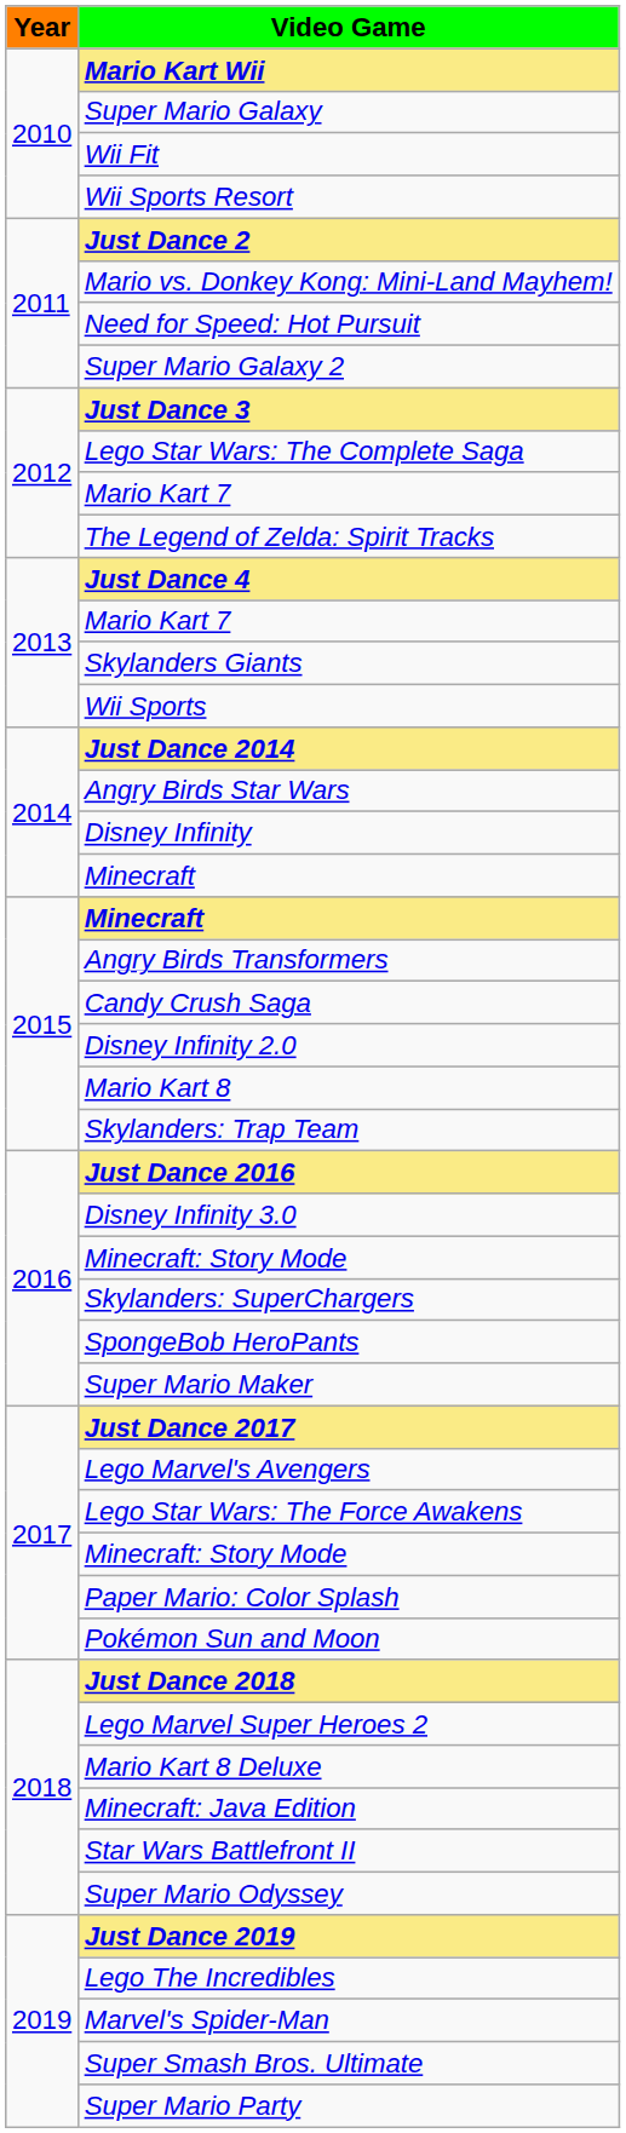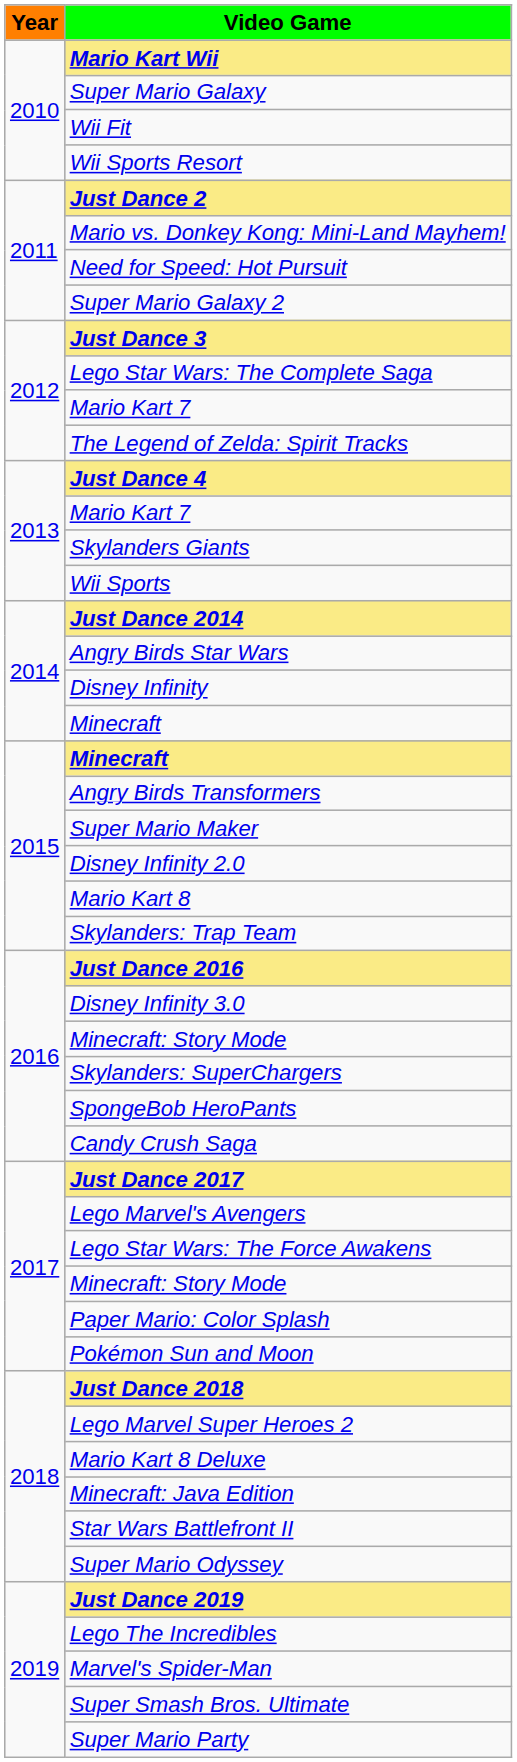 <table class="wikitable" style="font-size:90%;">
 <tr>
 <th style="background:#FF7F00;">Year</th>
 <th style="background:#00FF00;">Video Game</th>
 </tr>
 <tr>
 <td rowspan="4"><a href='#'>2010</a></td>
 <td style="background:#FAEB86;"><strong><em><a href='#'>Mario Kart Wii</a></em></strong> </td>
 </tr>
 <tr>
 <td><em><a href='#'>Super Mario Galaxy</a></em></td>
 </tr>
 <tr>
 <td><em><a href='#'>Wii Fit</a></em></td>
 </tr>
 <tr>
 <td><em><a href='#'>Wii Sports Resort</a></em></td>
 </tr>
 <tr>
 <td rowspan="4"><a href='#'>2011</a></td>
 <td style="background:#FAEB86;"><strong><em><a href='#'>Just Dance 2</a></em></strong> </td>
 </tr>
 <tr>
 <td><em><a href='#'>Mario vs. Donkey Kong: Mini-Land Mayhem!</a></em></td>
 </tr>
 <tr>
 <td><em><a href='#'>Need for Speed: Hot Pursuit</a></em></td>
 </tr>
 <tr>
 <td><em><a href='#'>Super Mario Galaxy 2</a></em></td>
 </tr>
 <tr>
 <td rowspan="4"><a href='#'>2012</a></td>
 <td style="background:#FAEB86;"><strong><em><a href='#'>Just Dance 3</a></em></strong> </td>
 </tr>
 <tr>
 <td><em><a href='#'>Lego Star Wars: The Complete Saga</a></em></td>
 </tr>
 <tr>
 <td><em><a href='#'>Mario Kart 7</a></em></td>
 </tr>
 <tr>
 <td><em><a href='#'>The Legend of Zelda: Spirit Tracks</a></em></td>
 </tr>
 <tr>
 <td rowspan="4"><a href='#'>2013</a></td>
 <td style="background:#FAEB86;"><strong><em><a href='#'>Just Dance 4</a></em></strong> </td>
 </tr>
 <tr>
 <td><em><a href='#'>Mario Kart 7</a></em></td>
 </tr>
 <tr>
 <td><em><a href='#'>Skylanders Giants</a></em></td>
 </tr>
 <tr>
 <td><em><a href='#'>Wii Sports</a></em></td>
 </tr>
 <tr>
 <td rowspan="4"><a href='#'>2014</a></td>
 <td style="background:#FAEB86;"><strong><em><a href='#'>Just Dance 2014</a></em></strong> </td>
 </tr>
 <tr>
 <td><em><a href='#'>Angry Birds Star Wars</a></em></td>
 </tr>
 <tr>
 <td><em><a href='#'>Disney Infinity</a></em></td>
 </tr>
 <tr>
 <td><em><a href='#'>Minecraft</a></em></td>
 </tr>
 <tr>
 <td rowspan="6"><a href='#'>2015</a> </td>
 <td style="background:#FAEB86;"><strong><em><a href='#'>Minecraft</a></em></strong> </td>
 </tr>
 <tr>
 <td><em><a href='#'>Angry Birds Transformers</a></em></td>
 </tr>
 <tr>
-<td><em><a href='#'>Candy Crush Saga</a></em></td>
+<td><em><a href='#'>Super Mario Maker</a></em></td>
 </tr>
 <tr>
 <td><em><a href='#'>Disney Infinity 2.0</a></em></td>
 </tr>
 <tr>
 <td><em><a href='#'>Mario Kart 8</a></em></td>
 </tr>
 <tr>
 <td><em><a href='#'>Skylanders: Trap Team</a></em></td>
 </tr>
 <tr>
 <td rowspan="6"><a href='#'>2016</a></td>
 <td style="background:#FAEB86;"><strong><em><a href='#'>Just Dance 2016</a></em></strong> </td>
 </tr>
 <tr>
 <td><em><a href='#'>Disney Infinity 3.0</a></em></td>
 </tr>
 <tr>
 <td><em><a href='#'>Minecraft: Story Mode</a></em></td>
 </tr>
 <tr>
 <td><em><a href='#'>Skylanders: SuperChargers</a></em></td>
 </tr>
 <tr>
 <td><em><a href='#'>SpongeBob HeroPants</a></em></td>
 </tr>
 <tr>
-<td><em><a href='#'>Super Mario Maker</a></em></td>
+<td><em><a href='#'>Candy Crush Saga</a></em></td>
 </tr>
 <tr>
 <td rowspan="6"><a href='#'>2017</a></td>
 <td style="background:#FAEB86;"><strong><em><a href='#'>Just Dance 2017</a></em></strong> </td>
 </tr>
 <tr>
 <td><em><a href='#'>Lego Marvel's Avengers</a></em></td>
 </tr>
 <tr>
 <td><em><a href='#'>Lego Star Wars: The Force Awakens</a></em></td>
 </tr>
 <tr>
 <td><em><a href='#'>Minecraft: Story Mode</a></em></td>
 </tr>
 <tr>
 <td><em><a href='#'>Paper Mario: Color Splash</a></em></td>
 </tr>
 <tr>
 <td><em><a href='#'>Pokémon Sun and Moon</a></em></td>
 </tr>
 <tr>
 <td rowspan="6"><a href='#'>2018</a></td>
 <td style="background:#FAEB86;"><strong><em><a href='#'>Just Dance 2018</a></em></strong> </td>
 </tr>
 <tr>
 <td><em><a href='#'>Lego Marvel Super Heroes 2</a></em></td>
 </tr>
 <tr>
 <td><em><a href='#'>Mario Kart 8 Deluxe</a></em></td>
 </tr>
 <tr>
 <td><em><a href='#'>Minecraft: Java Edition</a></em></td>
 </tr>
 <tr>
 <td><em><a href='#'>Star Wars Battlefront II</a></em></td>
 </tr>
 <tr>
 <td><em><a href='#'>Super Mario Odyssey</a></em></td>
 </tr>
 <tr>
 <td rowspan="5"><a href='#'>2019</a></td>
 <td style="background:#FAEB86;"><strong><em><a href='#'>Just Dance 2019</a></em></strong> </td>
 </tr>
 <tr>
 <td><em><a href='#'>Lego The Incredibles</a></em></td>
 </tr>
 <tr>
 <td><em><a href='#'>Marvel's Spider-Man</a></em></td>
 </tr>
 <tr>
 <td><em><a href='#'>Super Smash Bros. Ultimate</a></em></td>
 </tr>
 <tr>
 <td><em><a href='#'>Super Mario Party</a></em></td>
 </tr>
 </table>
